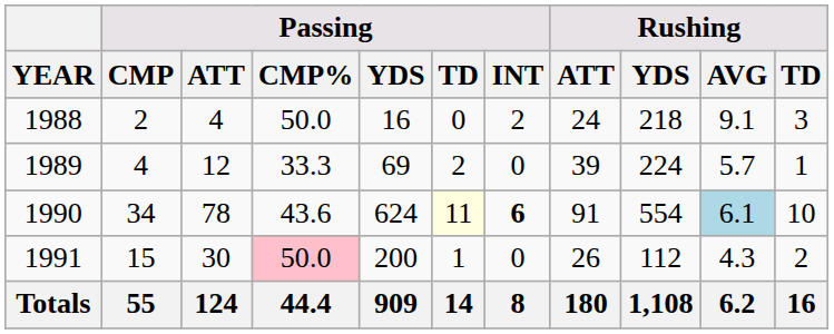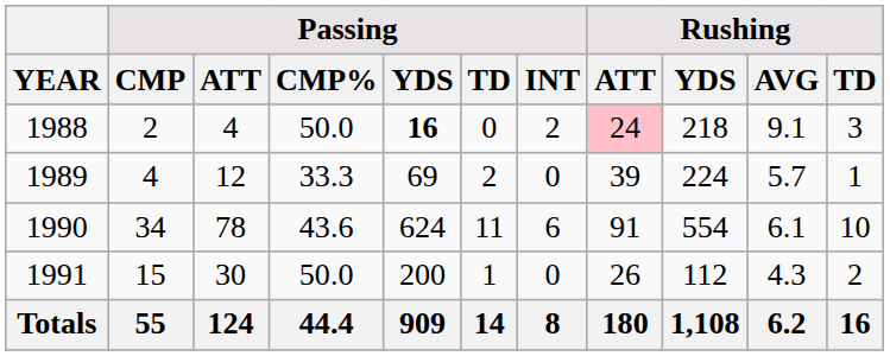 <table class=wikitable style="text-align:center">
 <tr>
 <th></th>
 <th colspan="6" style="background:#e7e3e7;">Passing</th>
 <th colspan="4" style="background:#e7e3e7;">Rushing</th>
 </tr>
 <tr>
 <th>YEAR</th>
 <th>CMP</th>
 <th>ATT</th>
 <th>CMP%</th>
 <th>YDS</th>
 <th>TD</th>
 <th>INT</th>
 <th>ATT</th>
 <th>YDS</th>
 <th>AVG</th>
 <th>TD</th>
 </tr>
 <tr>
 <td>1988</td>
 <td>2</td>
 <td>4</td>
 <td>50.0</td>
-<td>16</td>
+<td><strong>16</strong></td>
 <td>0</td>
 <td>2</td>
-<td>24</td>
+<td style="background: pink;">24</td>
 <td>218</td>
 <td>9.1</td>
 <td>3</td>
 </tr>
 <tr>
 <td>1989</td>
 <td>4</td>
 <td>12</td>
 <td>33.3</td>
 <td>69</td>
 <td>2</td>
 <td>0</td>
 <td>39</td>
 <td>224</td>
 <td>5.7</td>
 <td>1</td>
 </tr>
 <tr>
 <td>1990</td>
 <td>34</td>
 <td>78</td>
 <td>43.6</td>
 <td>624</td>
-<td style="background: lightyellow;">11</td>
-<td><strong>6</strong></td>
+<td>11</td>
+<td>6</td>
 <td>91</td>
 <td>554</td>
-<td style="background: lightblue;">6.1</td>
+<td>6.1</td>
 <td>10</td>
 </tr>
 <tr>
 <td>1991</td>
 <td>15</td>
 <td>30</td>
-<td style="background: pink;">50.0</td>
+<td>50.0</td>
 <td>200</td>
 <td>1</td>
 <td>0</td>
 <td>26</td>
 <td>112</td>
 <td>4.3</td>
 <td>2</td>
 </tr>
 <tr>
 <th>Totals</th>
 <th>55</th>
 <th>124</th>
 <th>44.4</th>
 <th>909</th>
 <th>14</th>
 <th>8</th>
 <th>180</th>
 <th>1,108</th>
 <th>6.2</th>
 <th>16</th>
 </tr>
 </table>
